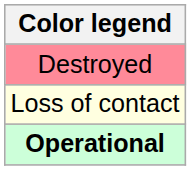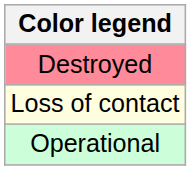 <table class="wikitable floatright" style="text-align:center;">
 <tr>
 <th>Color legend</th>
 </tr>
 <tr>
 <td style="background:#FF8A99;">Destroyed</td>
 </tr>
 <tr>
 <td style="background:lightyellow;">Loss of contact</td>
 </tr>
 <tr>
-<td style="background:#CCFFD9;"><strong>Operational</strong></td>
+<td style="background:#CCFFD9;">Operational</td>
 </tr>
 </table>
